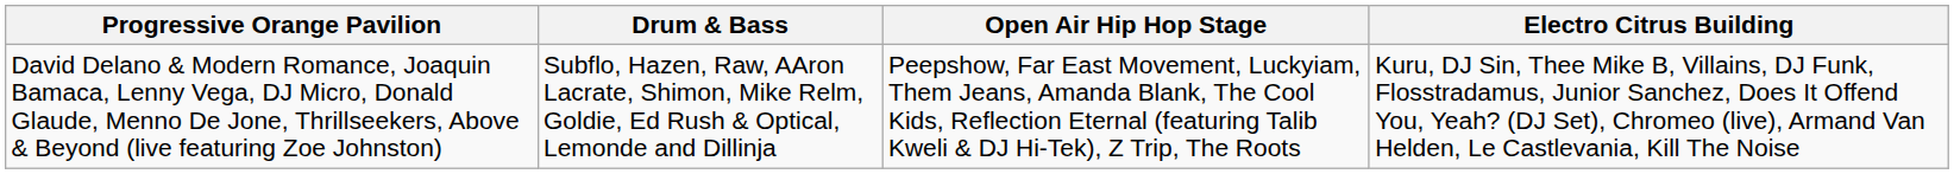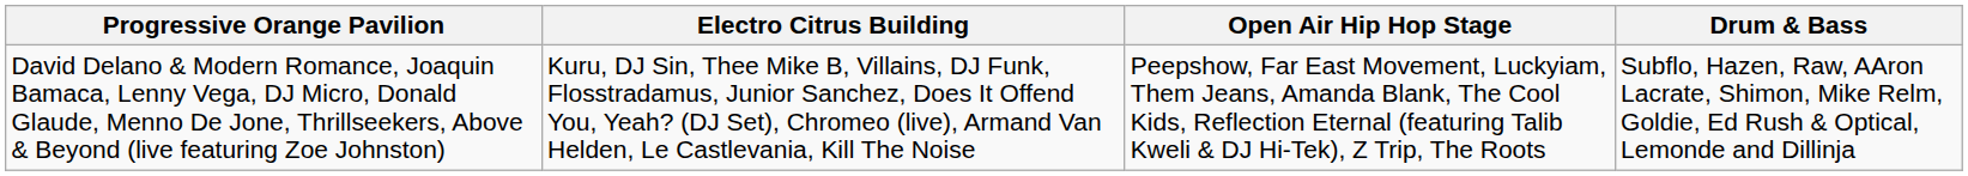 <table class="wikitable">
 <tr>
 <th>Progressive Orange Pavilion</th>
+<th>Electro Citrus Building</th>
+<th>Open Air Hip Hop Stage</th>
 <th>Drum & Bass</th>
-<th>Open Air Hip Hop Stage</th>
-<th>Electro Citrus Building</th>
 </tr>
 <tr>
 <td>David Delano & Modern Romance, Joaquin Bamaca, Lenny Vega, DJ Micro, Donald Glaude, Menno De Jone, Thrillseekers, Above & Beyond (live featuring Zoe Johnston)</td>
+<td>Kuru, DJ Sin, Thee Mike B, Villains, DJ Funk, Flosstradamus, Junior Sanchez, Does It Offend You, Yeah? (DJ Set), Chromeo (live), Armand Van Helden, Le Castlevania, Kill The Noise</td>
+<td>Peepshow, Far East Movement, Luckyiam, Them Jeans, Amanda Blank, The Cool Kids, Reflection Eternal (featuring Talib Kweli & DJ Hi-Tek), Z Trip, The Roots</td>
 <td>Subflo, Hazen, Raw, AAron Lacrate, Shimon, Mike Relm, Goldie, Ed Rush & Optical, Lemonde and Dillinja</td>
-<td>Peepshow, Far East Movement, Luckyiam, Them Jeans, Amanda Blank, The Cool Kids, Reflection Eternal (featuring Talib Kweli & DJ Hi-Tek), Z Trip, The Roots</td>
-<td>Kuru, DJ Sin, Thee Mike B, Villains, DJ Funk, Flosstradamus, Junior Sanchez, Does It Offend You, Yeah? (DJ Set), Chromeo (live), Armand Van Helden, Le Castlevania, Kill The Noise</td>
 </tr>
 </table>
